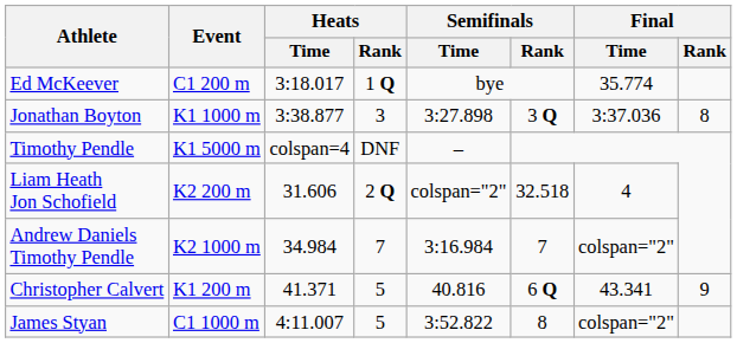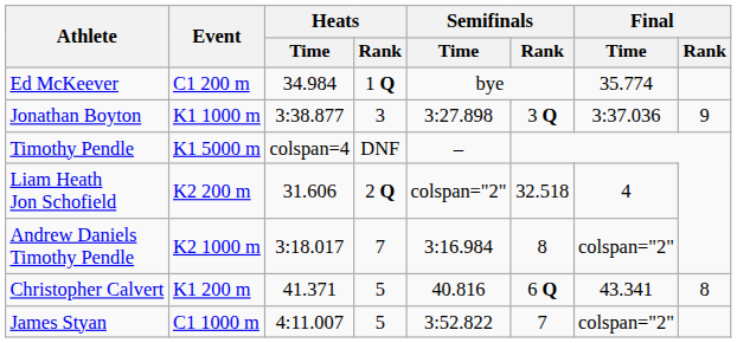 <table class="wikitable" style="font-size:90%">
 <tr>
 <th rowspan=2>Athlete</th>
 <th rowspan=2>Event</th>
 <th colspan=2>Heats</th>
 <th colspan=2>Semifinals</th>
 <th colspan=2>Final</th>
 </tr>
 <tr style="font-size:95%">
 <th>Time</th>
 <th>Rank</th>
 <th>Time</th>
 <th>Rank</th>
 <th>Time</th>
 <th>Rank</th>
 </tr>
 <tr align=center>
 <td align=left><a href='#'>Ed McKeever</a></td>
 <td align=left><a href='#'>C1 200 m</a></td>
-<td>3:18.017</td>
+<td>34.984</td>
 <td>1 <strong>Q</strong></td>
 <td colspan="2">bye</td>
 <td>35.774</td>
 <td></td>
 </tr>
 <tr align=center>
 <td align=left><a href='#'>Jonathan Boyton</a></td>
 <td align=left><a href='#'>K1 1000 m</a></td>
 <td>3:38.877</td>
 <td>3</td>
 <td>3:27.898</td>
 <td>3 <strong>Q</strong></td>
 <td>3:37.036</td>
-<td>8</td>
+<td>9</td>
 </tr>
 <tr align=center>
 <td align=left><a href='#'>Timothy Pendle</a></td>
 <td align=left><a href='#'>K1 5000 m</a></td>
 <td>colspan=4 </td>
 <td>DNF</td>
 <td>–</td>
 </tr>
 <tr align=center>
 <td align=left><a href='#'>Liam Heath</a><br><a href='#'>Jon Schofield</a></td>
 <td align=left><a href='#'>K2 200 m</a></td>
 <td>31.606</td>
 <td>2 <strong>Q</strong></td>
 <td>colspan="2" </td>
 <td>32.518</td>
 <td>4</td>
 </tr>
 <tr align=center>
 <td align=left><a href='#'>Andrew Daniels</a><br><a href='#'>Timothy Pendle</a></td>
 <td align=left><a href='#'>K2 1000 m</a></td>
-<td>34.984</td>
+<td>3:18.017</td>
 <td>7</td>
 <td>3:16.984</td>
-<td>7</td>
+<td>8</td>
 <td>colspan="2" </td>
 </tr>
 <tr align=center>
 <td align=left><a href='#'>Christopher Calvert</a></td>
 <td align=left><a href='#'>K1 200 m</a></td>
 <td>41.371</td>
 <td>5</td>
 <td>40.816</td>
 <td>6 <strong>Q</strong></td>
 <td>43.341</td>
-<td>9</td>
+<td>8</td>
 </tr>
 <tr align=center>
 <td align=left><a href='#'>James Styan</a></td>
 <td align=left><a href='#'>C1 1000 m</a></td>
 <td>4:11.007</td>
 <td>5</td>
 <td>3:52.822</td>
-<td>8</td>
+<td>7</td>
 <td>colspan="2" </td>
 </tr>
 </table>
